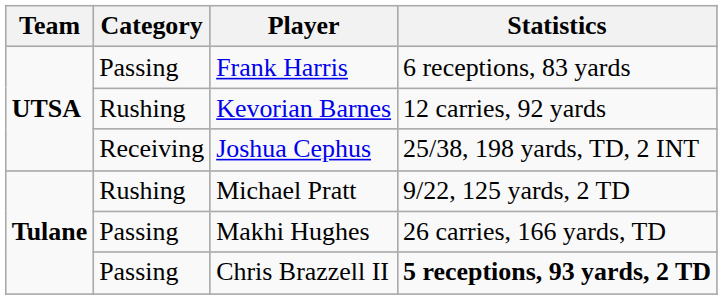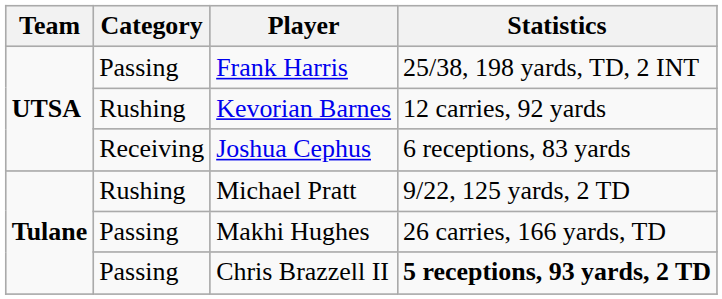 <table class="wikitable" style="float: right;">
 <tr>
 <th>Team</th>
 <th>Category</th>
 <th>Player</th>
 <th>Statistics</th>
 </tr>
 <tr>
 <td rowspan=3><strong>UTSA</strong></td>
 <td>Passing</td>
 <td><a href='#'>Frank Harris</a></td>
-<td>6 receptions, 83 yards</td>
+<td>25/38, 198 yards, TD, 2 INT</td>
 </tr>
 <tr>
 <td>Rushing</td>
 <td><a href='#'>Kevorian Barnes</a></td>
 <td>12 carries, 92 yards</td>
 </tr>
 <tr>
 <td>Receiving</td>
 <td><a href='#'>Joshua Cephus</a></td>
-<td>25/38, 198 yards, TD, 2 INT</td>
+<td>6 receptions, 83 yards</td>
 </tr>
 <tr>
 <td rowspan=3><strong>Tulane</strong></td>
 <td>Rushing</td>
 <td>Michael Pratt</td>
 <td>9/22, 125 yards, 2 TD</td>
 </tr>
 <tr>
 <td>Passing</td>
 <td>Makhi Hughes</td>
 <td>26 carries, 166 yards, TD</td>
 </tr>
 <tr>
 <td>Passing</td>
 <td>Chris Brazzell II</td>
 <td><strong>5 receptions, 93 yards, 2 TD</strong></td>
 </tr>
 </table>
